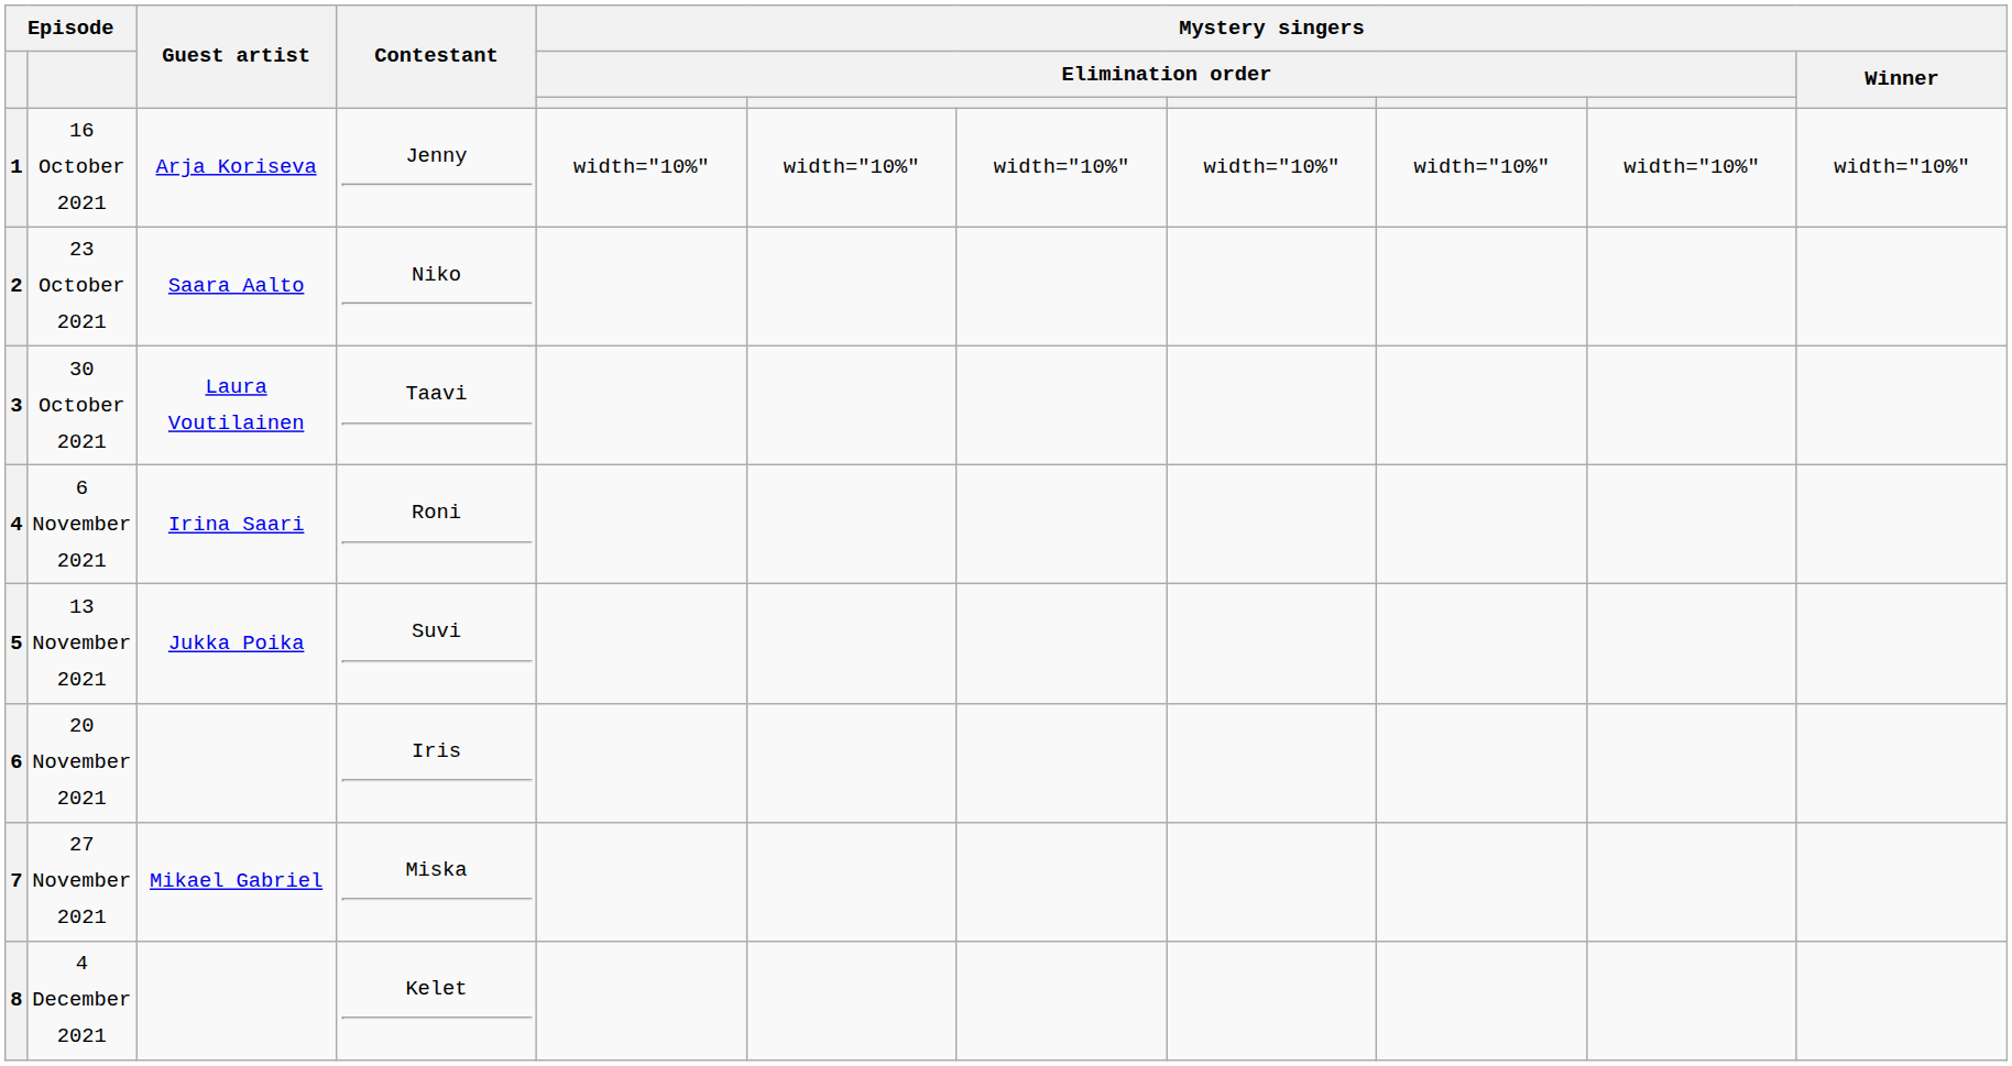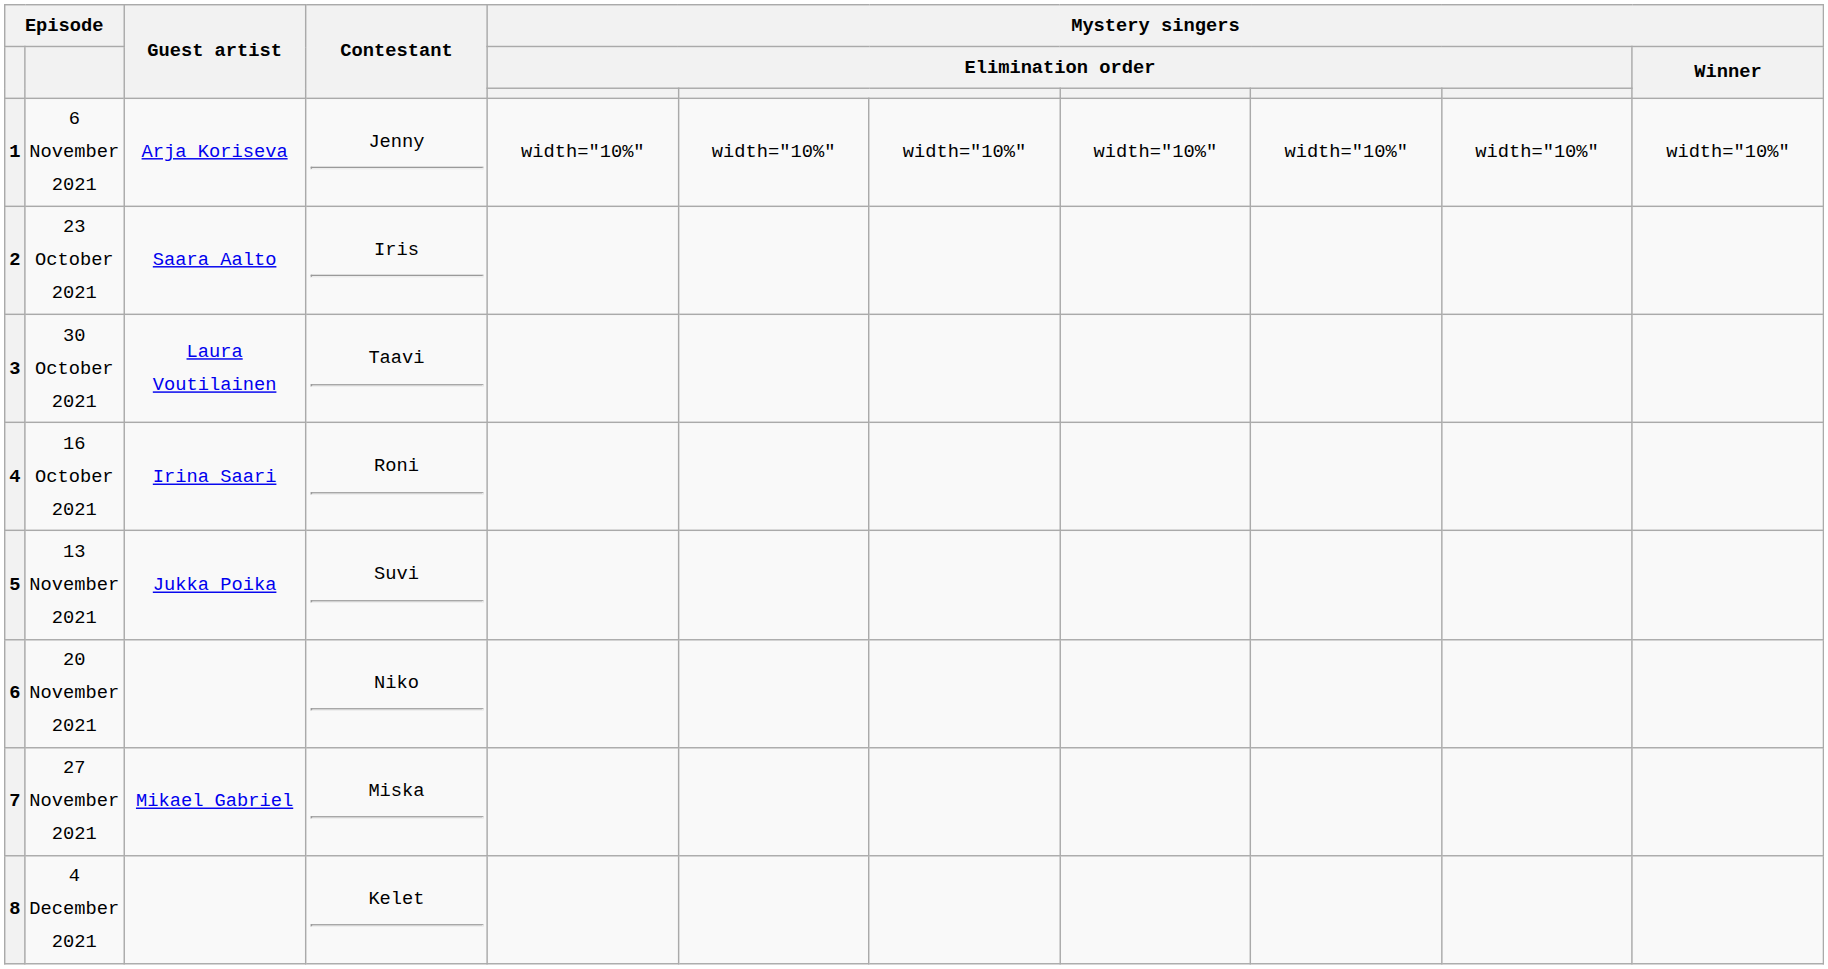 <table class="wikitable plainrowheaders mw-collapsible" style="text-align:center; line-height:23px; width:100%;">
 <tr>
 <th colspan="2" width="1%">Episode</th>
 <th rowspan="3" width="10%">Guest artist</th>
 <th rowspan="3" width="10%">Contestant</th>
 <th colspan="7">Mystery singers<br></th>
 </tr>
 <tr>
 <th rowspan="2"></th>
 <th rowspan="2"></th>
 <th colspan="6">Elimination order</th>
 <th rowspan="2">Winner</th>
 </tr>
 <tr>
 <th></th>
 <th colspan="2"></th>
 <th></th>
 <th></th>
 <th></th>
 </tr>
 <tr>
 <th>1</th>
-<td>16 October 2021</td>
+<td>6 November 2021</td>
 <td><a href='#'>Arja Koriseva</a></td>
 <td>Jenny<hr></td>
 <td>width="10%" </td>
 <td>width="10%" </td>
 <td>width="10%" </td>
 <td>width="10%" </td>
 <td>width="10%" </td>
 <td>width="10%" </td>
 <td>width="10%" </td>
 </tr>
 <tr>
 <th>2</th>
 <td>23 October 2021</td>
 <td><a href='#'>Saara Aalto</a></td>
-<td>Niko<hr></td>
+<td>Iris<hr></td>
 <td></td>
 <td></td>
 <td></td>
 <td></td>
 <td></td>
 <td></td>
 <td></td>
 </tr>
 <tr>
 <th>3</th>
 <td>30 October 2021</td>
 <td><a href='#'>Laura Voutilainen</a><br></td>
 <td>Taavi<hr></td>
 <td></td>
 <td></td>
 <td></td>
 <td></td>
 <td></td>
 <td></td>
 <td></td>
 </tr>
 <tr>
 <th>4</th>
-<td>6 November 2021</td>
+<td>16 October 2021</td>
 <td><a href='#'>Irina Saari</a><br></td>
 <td>Roni<hr></td>
 <td></td>
 <td></td>
 <td></td>
 <td></td>
 <td></td>
 <td></td>
 <td></td>
 </tr>
 <tr>
 <th>5</th>
 <td>13 November 2021</td>
 <td><a href='#'>Jukka Poika</a></td>
 <td>Suvi<hr></td>
 <td></td>
 <td></td>
 <td></td>
 <td></td>
 <td></td>
 <td></td>
 <td></td>
 </tr>
 <tr>
 <th>6</th>
 <td>20 November 2021</td>
 <td></td>
-<td>Iris<hr></td>
+<td>Niko<hr></td>
 <td></td>
 <td></td>
 <td></td>
 <td></td>
 <td></td>
 <td></td>
 <td></td>
 </tr>
 <tr>
 <th>7</th>
 <td>27 November 2021</td>
 <td><a href='#'>Mikael Gabriel</a></td>
 <td>Miska<hr></td>
 <td></td>
 <td></td>
 <td></td>
 <td></td>
 <td></td>
 <td></td>
 <td></td>
 </tr>
 <tr>
 <th>8</th>
 <td>4 December 2021</td>
 <td></td>
 <td>Kelet<hr></td>
 <td></td>
 <td></td>
 <td></td>
 <td></td>
 <td></td>
 <td></td>
 <td></td>
 </tr>
 </table>
